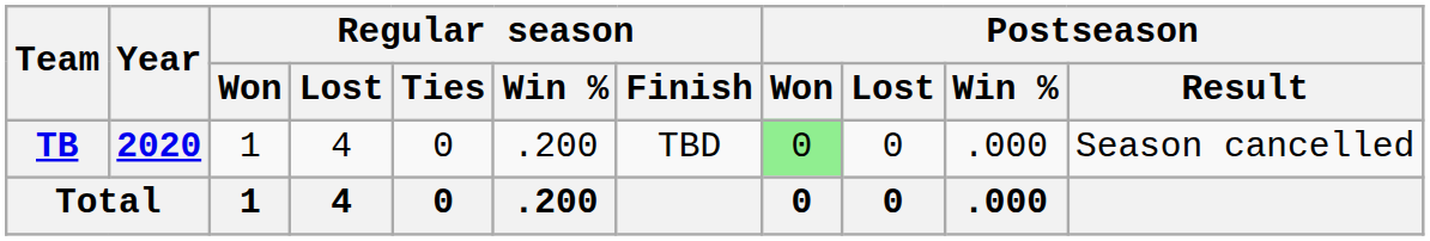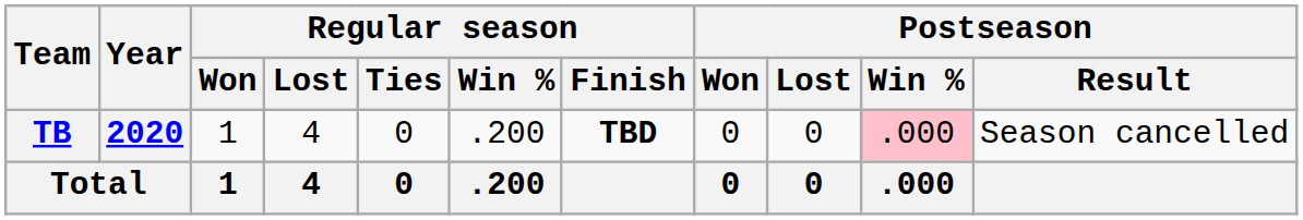 <table class="wikitable" style="font-size: 95%; text-align:center;">
 <tr>
 <th rowspan="2">Team</th>
 <th rowspan="2">Year</th>
 <th colspan="5">Regular season</th>
 <th colspan="4">Postseason</th>
 </tr>
 <tr>
 <th>Won</th>
 <th>Lost</th>
 <th>Ties</th>
 <th>Win %</th>
 <th>Finish</th>
 <th>Won</th>
 <th>Lost</th>
 <th>Win %</th>
 <th>Result</th>
 </tr>
 <tr>
 <th><a href='#'>TB</a></th>
 <th><a href='#'>2020</a></th>
 <td>1</td>
 <td>4</td>
 <td>0</td>
 <td>.200</td>
-<td>TBD</td>
-<td style="background: lightgreen;">0</td>
+<td><strong>TBD</strong></td>
 <td>0</td>
-<td>.000</td>
+<td>0</td>
+<td style="background: pink;">.000</td>
 <td>Season cancelled</td>
 </tr>
 <tr>
 <th colspan="2">Total</th>
 <th>1</th>
 <th>4</th>
 <th>0</th>
 <th>.200</th>
 <th></th>
 <th>0</th>
 <th>0</th>
 <th>.000</th>
 <th></th>
 </tr>
 </table>
